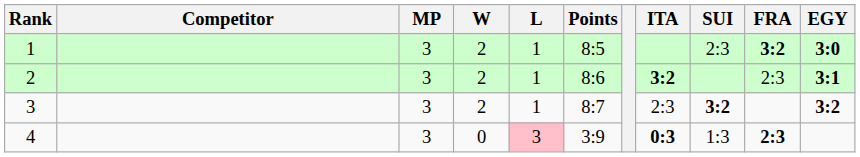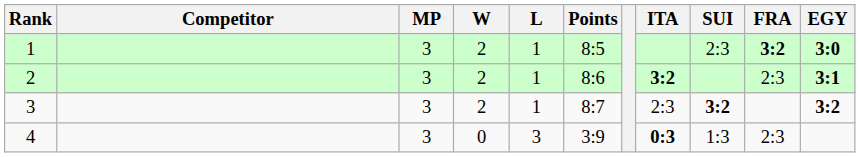 <table class="wikitable" style="text-align:center">
 <tr>
 <th>Rank</th>
 <th style="width:18em">Competitor</th>
 <th style="width:2.5em">MP</th>
 <th style="width:2.5em">W</th>
 <th style="width:2.5em">L</th>
 <th>Points</th>
 <th rowspan="5"> </th>
 <th style="width:2.5em">ITA</th>
 <th style="width:2.5em">SUI</th>
 <th style="width:2.5em">FRA</th>
 <th style="width:2.5em">EGY</th>
 </tr>
 <tr style="background:#cfc;">
 <td>1</td>
 <td style="text-align:left"></td>
 <td>3</td>
 <td>2</td>
 <td>1</td>
 <td>8:5</td>
 <td></td>
 <td>2:3</td>
 <td><strong>3:2</strong></td>
 <td><strong>3:0</strong></td>
 </tr>
 <tr style="background:#cfc;">
 <td>2</td>
 <td style="text-align:left"></td>
 <td>3</td>
 <td>2</td>
 <td>1</td>
 <td>8:6</td>
 <td><strong>3:2</strong></td>
 <td></td>
 <td>2:3</td>
 <td><strong>3:1</strong></td>
 </tr>
 <tr>
 <td>3</td>
 <td style="text-align:left"></td>
 <td>3</td>
 <td>2</td>
 <td>1</td>
 <td>8:7</td>
 <td>2:3</td>
 <td><strong>3:2</strong></td>
 <td></td>
 <td><strong>3:2</strong></td>
 </tr>
 <tr>
 <td>4</td>
 <td style="text-align:left"></td>
 <td>3</td>
 <td>0</td>
-<td style="background: pink;">3</td>
+<td>3</td>
 <td>3:9</td>
 <td><strong>0:3</strong></td>
 <td>1:3</td>
-<td><strong>2:3</strong></td>
+<td>2:3</td>
 <td></td>
 </tr>
 </table>
